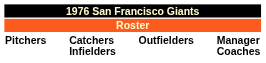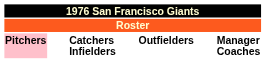 <table class="toccolours" style="font-size: 95%;">
 <tr>
 <th colspan="10" style="background-color: black; color: #FFFDD0; text-align: center;">1976 San Francisco Giants</th>
 </tr>
 <tr>
 <td colspan="10" style="background-color: #fd5a1e; color: #FFFDD0; text-align: center;"><strong>Roster</strong></td>
 </tr>
 <tr>
-<td valign="top"><strong>Pitchers</strong><br>             </td>
+<td valign="top" style="background: pink;"><strong>Pitchers</strong><br>             </td>
 <td width="25px"></td>
 <td valign="top"><strong>Catchers</strong><br>    <strong>Infielders</strong>           </td>
 <td width="25px"></td>
 <td valign="top"><strong>Outfielders</strong><br>      </td>
 <td width="25px"></td>
 <td valign="top"><strong>Manager</strong><br> <strong>Coaches</strong>    </td>
 </tr>
 </table>
